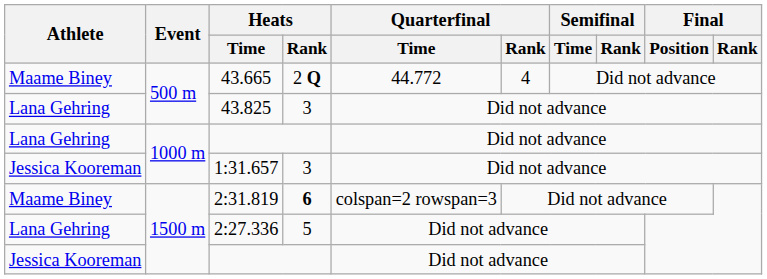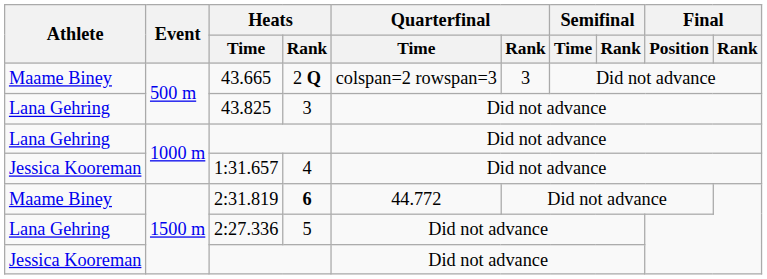 <table class=wikitable style=font-size:90%;text-align:center>
 <tr>
 <th rowspan=2>Athlete</th>
 <th rowspan=2>Event</th>
 <th colspan=2>Heats</th>
 <th colspan=2>Quarterfinal</th>
 <th colspan=2>Semifinal</th>
 <th colspan=2>Final</th>
 </tr>
 <tr style=font-size:95%>
 <th>Time</th>
 <th>Rank</th>
 <th>Time</th>
 <th>Rank</th>
 <th>Time</th>
 <th>Rank</th>
 <th>Position</th>
 <th>Rank</th>
 </tr>
 <tr>
 <td align=left><a href='#'>Maame Biney</a></td>
 <td rowspan="2" style="text-align:left;"><a href='#'>500 m</a></td>
 <td>43.665</td>
 <td>2 <strong>Q</strong></td>
-<td>44.772</td>
-<td>4</td>
+<td>colspan=2 rowspan=3 </td>
+<td>3</td>
 <td colspan=4>Did not advance</td>
 </tr>
 <tr>
 <td align=left><a href='#'>Lana Gehring</a></td>
 <td>43.825</td>
 <td>3</td>
 <td colspan=6>Did not advance</td>
 </tr>
 <tr>
 <td align=left><a href='#'>Lana Gehring</a></td>
 <td style="text-align:left;" rowspan="2"><a href='#'>1000 m</a></td>
 <td colspan=2></td>
 <td colspan=6>Did not advance</td>
 </tr>
 <tr>
 <td align=left><a href='#'>Jessica Kooreman</a></td>
 <td>1:31.657</td>
-<td>3</td>
+<td>4</td>
 <td colspan=6>Did not advance</td>
 </tr>
 <tr>
 <td align=left><a href='#'>Maame Biney</a></td>
 <td style="text-align:left;" rowspan="3"><a href='#'>1500 m</a></td>
 <td>2:31.819</td>
 <td><strong>6</strong></td>
-<td>colspan=2 rowspan=3 </td>
+<td>44.772</td>
 <td colspan=4>Did not advance</td>
 </tr>
 <tr>
 <td align=left><a href='#'>Lana Gehring</a></td>
 <td>2:27.336</td>
 <td>5</td>
 <td colspan=4>Did not advance</td>
 </tr>
 <tr>
 <td align=left><a href='#'>Jessica Kooreman</a></td>
 <td colspan=2></td>
 <td colspan=4>Did not advance</td>
 </tr>
 </table>
